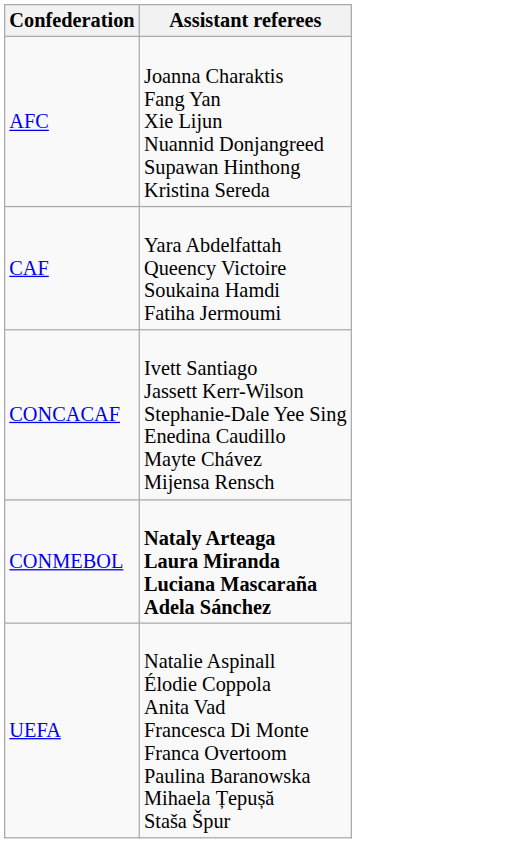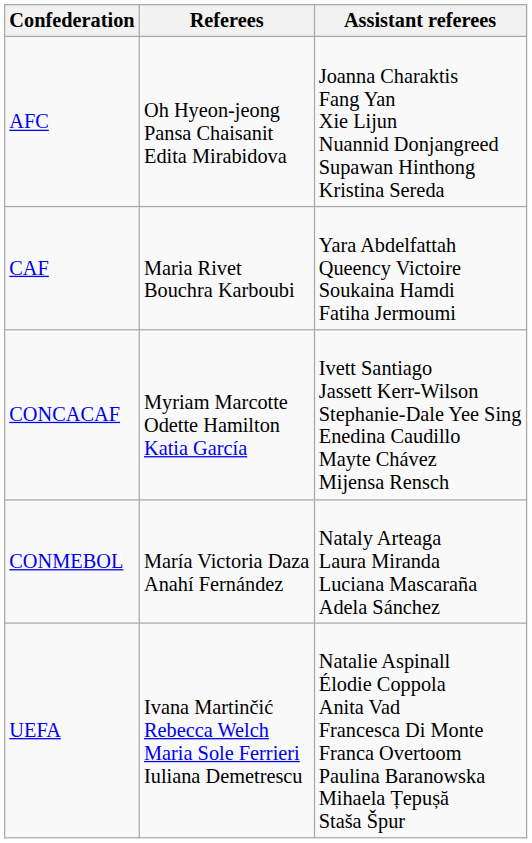 <table class="wikitable">
 <tr>
 <th>Confederation</th>
+<th>Referees</th>
 <th>Assistant referees</th>
 </tr>
 <tr>
 <td><a href='#'>AFC</a></td>
+<td><br> Oh Hyeon-jeong<br>  Pansa Chaisanit<br>  Edita Mirabidova<br></td>
 <td><br> Joanna Charaktis<br>  Fang Yan<br>  Xie Lijun<br>  Nuannid Donjangreed<br>  Supawan Hinthong<br>  Kristina Sereda</td>
 </tr>
 <tr>
 <td><a href='#'>CAF</a></td>
+<td><br> Maria Rivet<br>  Bouchra Karboubi</td>
 <td><br> Yara Abdelfattah<br>  Queency Victoire<br>  Soukaina Hamdi<br>  Fatiha Jermoumi</td>
 </tr>
 <tr>
 <td><a href='#'>CONCACAF</a></td>
+<td><br> Myriam Marcotte<br>  Odette Hamilton<br>  <a href='#'>Katia García</a></td>
 <td><br> Ivett Santiago<br>  Jassett Kerr-Wilson<br>  Stephanie-Dale Yee Sing<br>  Enedina Caudillo<br>  Mayte Chávez<br>  Mijensa Rensch</td>
 </tr>
 <tr>
 <td><a href='#'>CONMEBOL</a></td>
-<td><strong><br> Nataly Arteaga<br>  Laura Miranda<br>  Luciana Mascaraña<br>  Adela Sánchez</strong></td>
+<td><br> María Victoria Daza<br>  Anahí Fernández</td>
+<td><br> Nataly Arteaga<br>  Laura Miranda<br>  Luciana Mascaraña<br>  Adela Sánchez</td>
 </tr>
 <tr>
 <td><a href='#'>UEFA</a></td>
+<td><br> Ivana Martinčić<br>  <a href='#'>Rebecca Welch</a><br>  <a href='#'>Maria Sole Ferrieri</a><br>  Iuliana Demetrescu</td>
 <td><br> Natalie Aspinall<br>  Élodie Coppola<br>  Anita Vad<br>  Francesca Di Monte<br>  Franca Overtoom<br>  Paulina Baranowska<br>  Mihaela Țepușă<br>  Staša Špur</td>
 </tr>
 </table>
